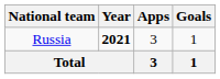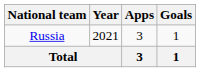 <table class=wikitable style=text-align:center>
 <tr>
 <th>National team</th>
 <th>Year</th>
 <th>Apps</th>
 <th>Goals</th>
 </tr>
 <tr>
 <td rowspan="1"><a href='#'>Russia</a></td>
-<td><strong>2021</strong></td>
+<td>2021</td>
 <td>3</td>
 <td>1</td>
 </tr>
 <tr>
 <th colspan=2>Total</th>
 <th>3</th>
 <th>1</th>
 </tr>
 </table>
